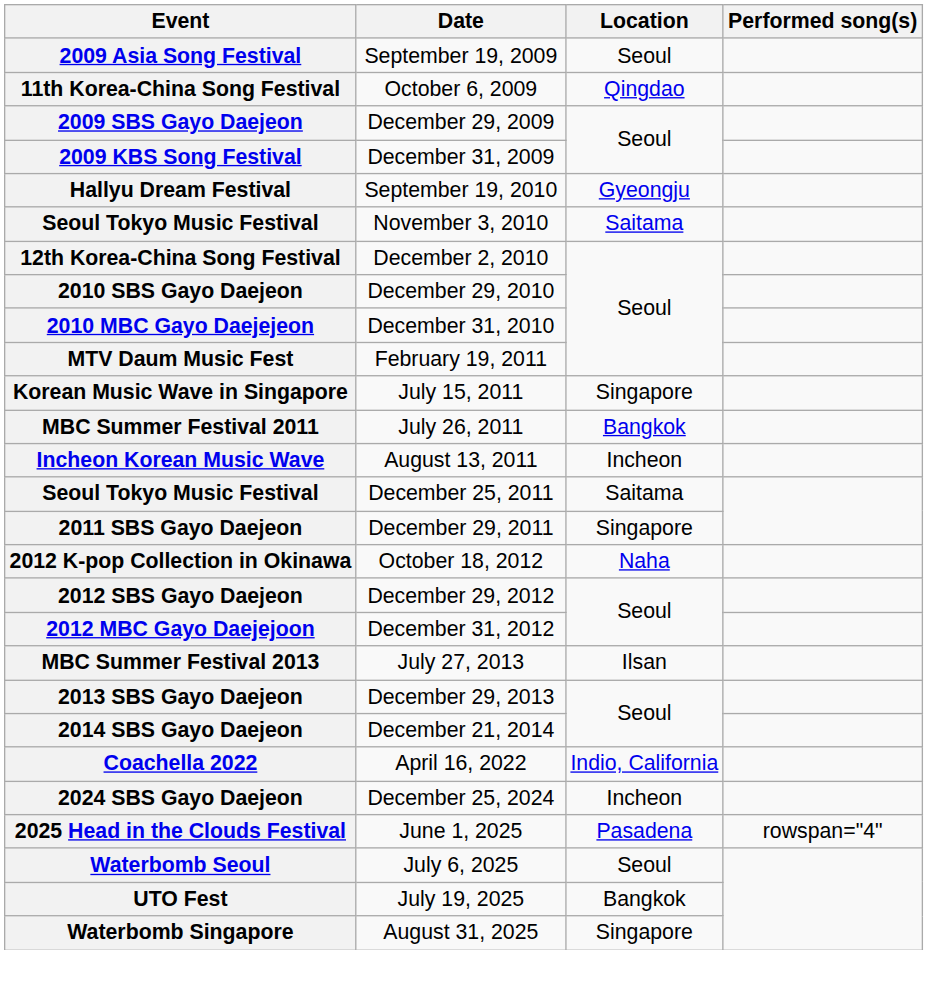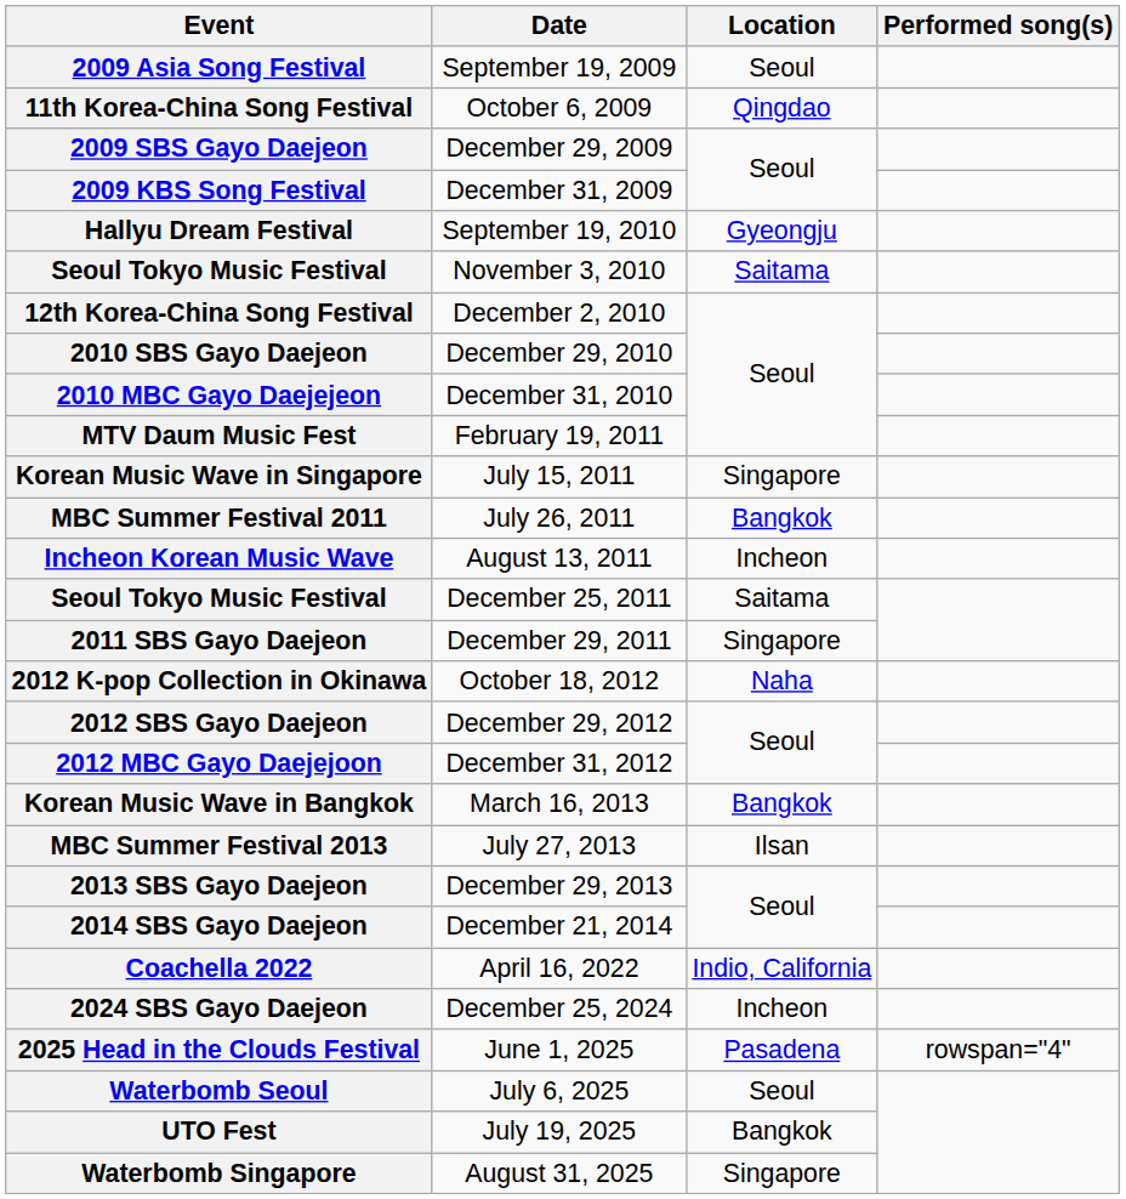 <table class="wikitable sortable plainrowheaders" style="text-align:center;">
 <tr>
 <th>Event</th>
 <th width="150">Date</th>
 <th>Location</th>
 <th>Performed song(s)</th>
 </tr>
 <tr>
 <th scope="row"><a href='#'>2009 Asia Song Festival</a></th>
 <td>September 19, 2009</td>
 <td>Seoul</td>
 <td></td>
 </tr>
 <tr>
 <th scope="row">11th Korea-China Song Festival</th>
 <td>October 6, 2009</td>
 <td><a href='#'>Qingdao</a></td>
 <td></td>
 </tr>
 <tr>
 <th scope="row"><a href='#'>2009 SBS Gayo Daejeon</a></th>
 <td>December 29, 2009</td>
 <td rowspan="2">Seoul</td>
 <td></td>
 </tr>
 <tr>
 <th scope="row"><a href='#'>2009 KBS Song Festival</a></th>
 <td>December 31, 2009</td>
 <td></td>
 </tr>
 <tr>
 <th scope="row">Hallyu Dream Festival</th>
 <td>September 19, 2010</td>
 <td><a href='#'>Gyeongju</a></td>
 <td></td>
 </tr>
 <tr>
 <th scope="row">Seoul Tokyo Music Festival</th>
 <td>November 3, 2010</td>
 <td><a href='#'>Saitama</a></td>
 <td></td>
 </tr>
 <tr>
 <th scope="row">12th Korea-China Song Festival</th>
 <td>December 2, 2010</td>
 <td rowspan="4">Seoul</td>
 <td></td>
 </tr>
 <tr>
 <th scope="row">2010 SBS Gayo Daejeon</th>
 <td>December 29, 2010</td>
 <td></td>
 </tr>
 <tr>
 <th scope="row"><a href='#'>2010 MBC Gayo Daejejeon</a></th>
 <td>December 31, 2010</td>
 <td></td>
 </tr>
 <tr>
 <th scope="row">MTV Daum Music Fest</th>
 <td>February 19, 2011</td>
 <td></td>
 </tr>
 <tr>
 <th scope="row">Korean Music Wave in Singapore</th>
 <td>July 15, 2011</td>
 <td>Singapore</td>
 <td></td>
 </tr>
 <tr>
 <th scope="row">MBC Summer Festival 2011</th>
 <td>July 26, 2011</td>
 <td><a href='#'>Bangkok</a></td>
 <td></td>
 </tr>
 <tr>
 <th scope="row"><a href='#'>Incheon Korean Music Wave</a></th>
 <td>August 13, 2011</td>
 <td>Incheon</td>
 <td></td>
 </tr>
 <tr>
 <th scope="row">Seoul Tokyo Music Festival</th>
 <td>December 25, 2011</td>
 <td>Saitama</td>
 <td rowspan="2"></td>
 </tr>
 <tr>
 <th scope="row">2011 SBS Gayo Daejeon</th>
 <td>December 29, 2011</td>
 <td>Singapore</td>
 </tr>
 <tr>
 <th scope="row">2012 K-pop Collection in Okinawa</th>
 <td>October 18, 2012</td>
 <td><a href='#'>Naha</a></td>
 <td></td>
 </tr>
 <tr>
 <th scope="row">2012 SBS Gayo Daejeon</th>
 <td>December 29, 2012</td>
 <td rowspan="2">Seoul</td>
 <td></td>
 </tr>
 <tr>
 <th scope="row"><a href='#'>2012 MBC Gayo Daejejoon</a></th>
 <td>December 31, 2012</td>
 <td></td>
 </tr>
 <tr>
+<th scope="row">Korean Music Wave in Bangkok</th>
+<td>March 16, 2013</td>
+<td><a href='#'>Bangkok</a></td>
+<td></td>
+</tr>
+<tr>
 <th scope="row">MBC Summer Festival 2013</th>
 <td>July 27, 2013</td>
 <td>Ilsan</td>
 <td></td>
 </tr>
 <tr>
 <th scope="row">2013 SBS Gayo Daejeon</th>
 <td>December 29, 2013</td>
 <td rowspan="2">Seoul</td>
 <td></td>
 </tr>
 <tr>
 <th scope="row">2014 SBS Gayo Daejeon</th>
 <td>December 21, 2014</td>
 <td></td>
 </tr>
 <tr>
 <th scope="row"><a href='#'>Coachella 2022</a></th>
 <td>April 16, 2022</td>
 <td><a href='#'>Indio, California</a></td>
 <td></td>
 </tr>
 <tr>
 <th scope="row">2024 SBS Gayo Daejeon</th>
 <td>December 25, 2024</td>
 <td>Incheon</td>
 <td></td>
 </tr>
 <tr>
 <th scope="row">2025 <a href='#'>Head in the Clouds Festival</a></th>
 <td>June 1, 2025</td>
 <td><a href='#'>Pasadena</a></td>
 <td>rowspan="4" </td>
 </tr>
 <tr>
 <th scope="row"><a href='#'>Waterbomb Seoul</a></th>
 <td>July 6, 2025</td>
 <td>Seoul</td>
 </tr>
 <tr>
 <th scope="row">UTO Fest</th>
 <td>July 19, 2025</td>
 <td>Bangkok</td>
 </tr>
 <tr>
 <th scope="row">Waterbomb Singapore</th>
 <td>August 31, 2025</td>
 <td>Singapore</td>
 </tr>
 </table>
